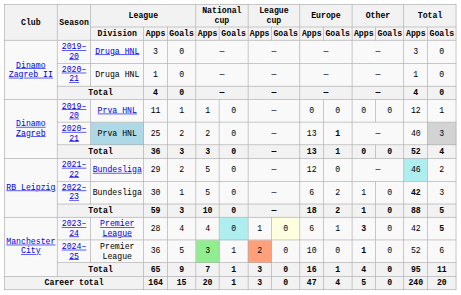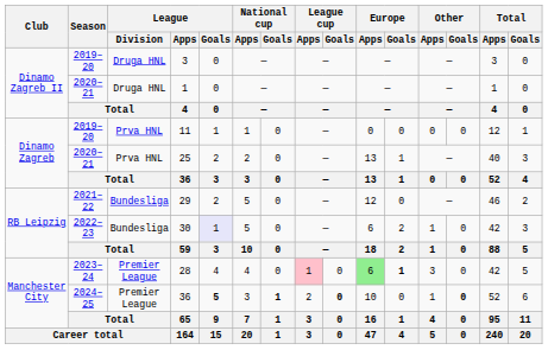 <table class="wikitable" style="text-align:center">
 <tr>
 <th rowspan="2">Club</th>
 <th rowspan="2">Season</th>
 <th colspan="3">League</th>
 <th colspan="2">National cup</th>
 <th colspan="2">League cup</th>
 <th colspan="2">Europe</th>
 <th colspan="2">Other</th>
 <th colspan="2">Total</th>
 </tr>
 <tr>
 <th>Division</th>
 <th>Apps</th>
 <th>Goals</th>
 <th>Apps</th>
 <th>Goals</th>
 <th>Apps</th>
 <th>Goals</th>
 <th>Apps</th>
 <th>Goals</th>
 <th>Apps</th>
 <th>Goals</th>
 <th>Apps</th>
 <th>Goals</th>
 </tr>
 <tr>
 <td rowspan="3"><a href='#'>Dinamo Zagreb II</a></td>
 <td><a href='#'>2019–20</a></td>
 <td><a href='#'>Druga HNL</a></td>
 <td>3</td>
 <td>0</td>
 <td colspan="2">—</td>
 <td colspan="2">—</td>
 <td colspan="2">—</td>
 <td colspan="2">—</td>
 <td>3</td>
 <td>0</td>
 </tr>
 <tr>
 <td><a href='#'>2020–21</a></td>
 <td>Druga HNL</td>
 <td>1</td>
 <td>0</td>
 <td colspan="2">—</td>
 <td colspan="2">—</td>
 <td colspan="2">—</td>
 <td colspan="2">—</td>
 <td>1</td>
 <td>0</td>
 </tr>
 <tr>
 <th colspan="2">Total</th>
 <th>4</th>
 <th>0</th>
 <th colspan="2">—</th>
 <th colspan="2">—</th>
 <th colspan="2">—</th>
 <th colspan="2">—</th>
 <th>4</th>
 <th>0</th>
 </tr>
 <tr>
 <td rowspan="3"><a href='#'>Dinamo Zagreb</a></td>
 <td><a href='#'>2019–20</a></td>
 <td><a href='#'>Prva HNL</a></td>
 <td>11</td>
 <td>1</td>
 <td>1</td>
 <td>0</td>
 <td colspan="2">—</td>
 <td>0</td>
 <td>0</td>
 <td>0</td>
 <td>0</td>
 <td>12</td>
 <td>1</td>
 </tr>
 <tr>
 <td><a href='#'>2020–21</a></td>
-<td style="background: lightblue;">Prva HNL</td>
+<td>Prva HNL</td>
 <td>25</td>
 <td>2</td>
 <td>2</td>
 <td>0</td>
 <td colspan="2">—</td>
 <td>13</td>
-<td><strong>1</strong></td>
+<td>1</td>
 <td colspan="2">—</td>
 <td>40</td>
-<td style="background: lightgrey;">3</td>
+<td>3</td>
 </tr>
 <tr>
 <th colspan="2">Total</th>
 <th>36</th>
 <th>3</th>
 <th>3</th>
 <th>0</th>
 <th colspan="2">—</th>
 <th>13</th>
 <th>1</th>
 <th>0</th>
 <th>0</th>
 <th>52</th>
 <th>4</th>
 </tr>
 <tr>
 <td rowspan="3"><a href='#'>RB Leipzig</a></td>
 <td><a href='#'>2021–22</a></td>
 <td><a href='#'>Bundesliga</a></td>
 <td>29</td>
 <td>2</td>
 <td>5</td>
 <td>0</td>
 <td colspan="2">—</td>
 <td>12</td>
 <td>0</td>
 <td colspan="2">—</td>
-<td style="background: paleturquoise;">46</td>
+<td>46</td>
 <td>2</td>
 </tr>
 <tr>
 <td><a href='#'>2022–23</a></td>
 <td>Bundesliga</td>
 <td>30</td>
-<td>1</td>
+<td style="background: lavender;">1</td>
 <td>5</td>
 <td>0</td>
 <td colspan="2">—</td>
 <td>6</td>
 <td>2</td>
 <td>1</td>
 <td>0</td>
-<td><strong>42</strong></td>
+<td>42</td>
 <td>3</td>
 </tr>
 <tr>
 <th colspan="2">Total</th>
 <th>59</th>
 <th>3</th>
 <th>10</th>
 <th>0</th>
 <th colspan="2">—</th>
 <th>18</th>
 <th>2</th>
 <th>1</th>
 <th>0</th>
 <th>88</th>
 <th>5</th>
 </tr>
 <tr>
 <td rowspan="3"><a href='#'>Manchester City</a></td>
 <td><a href='#'>2023–24</a></td>
 <td><a href='#'>Premier League</a></td>
 <td>28</td>
 <td>4</td>
 <td>4</td>
-<td style="background: paleturquoise;">0</td>
-<td>1</td>
-<td style="background: lightyellow;">0</td>
-<td>6</td>
-<td>1</td>
-<td><strong>3</strong></td>
+<td>0</td>
+<td style="background: pink;">1</td>
+<td>0</td>
+<td style="background: lightgreen;">6</td>
+<td><strong>1</strong></td>
+<td>3</td>
 <td>0</td>
 <td>42</td>
-<td><strong>5</strong></td>
+<td>5</td>
 </tr>
 <tr>
 <td><a href='#'>2024–25</a></td>
 <td>Premier League</td>
 <td>36</td>
-<td>5</td>
-<td style="background: lightgreen;">3</td>
-<td>1</td>
-<td style="background: lightsalmon;">2</td>
-<td>0</td>
+<td><strong>5</strong></td>
+<td>3</td>
+<td><strong>1</strong></td>
+<td>2</td>
+<td><strong>0</strong></td>
 <td>10</td>
 <td>0</td>
-<td><strong>1</strong></td>
-<td>0</td>
+<td>1</td>
+<td><strong>0</strong></td>
 <td>52</td>
 <td>6</td>
 </tr>
 <tr>
 <th colspan="2">Total</th>
 <th>65</th>
 <th>9</th>
 <th>7</th>
 <th>1</th>
 <th>3</th>
 <th>0</th>
 <th>16</th>
 <th>1</th>
 <th>4</th>
 <th>0</th>
 <th>95</th>
 <th>11</th>
 </tr>
 <tr>
 <th colspan="3">Career total</th>
 <th>164</th>
 <th>15</th>
 <th>20</th>
 <th>1</th>
 <th>3</th>
 <th>0</th>
 <th>47</th>
 <th>4</th>
 <th>5</th>
 <th>0</th>
 <th>240</th>
 <th>20</th>
 </tr>
 </table>
